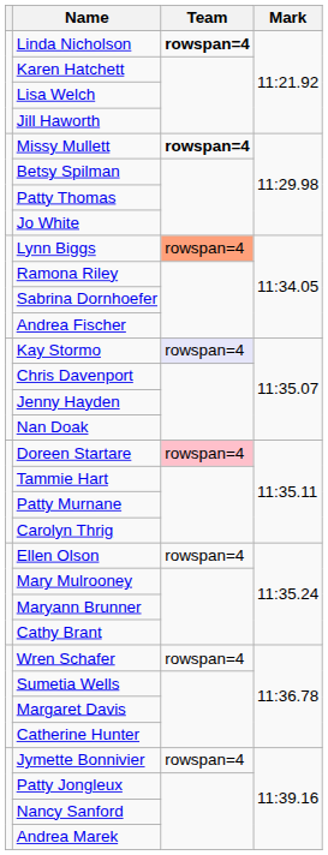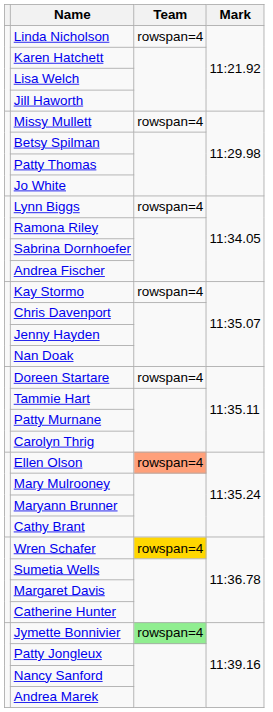 <table class=wikitable>
 <tr>
 <th></th>
 <th>Name</th>
 <th>Team</th>
 <th>Mark</th>
 </tr>
 <tr>
 <td rowspan=4></td>
 <td><a href='#'>Linda Nicholson</a></td>
-<td><strong>rowspan=4 </strong></td>
+<td>rowspan=4 </td>
 <td rowspan=4>11:21.92</td>
 </tr>
 <tr>
 <td><a href='#'>Karen Hatchett</a></td>
 </tr>
 <tr>
 <td><a href='#'>Lisa Welch</a></td>
 </tr>
 <tr>
 <td><a href='#'>Jill Haworth</a></td>
 </tr>
 <tr>
 <td rowspan=4></td>
 <td><a href='#'>Missy Mullett</a></td>
-<td><strong>rowspan=4 </strong></td>
+<td>rowspan=4 </td>
 <td rowspan=4>11:29.98</td>
 </tr>
 <tr>
 <td><a href='#'>Betsy Spilman</a></td>
 </tr>
 <tr>
 <td><a href='#'>Patty Thomas</a></td>
 </tr>
 <tr>
 <td><a href='#'>Jo White</a></td>
 </tr>
 <tr>
 <td rowspan=4></td>
 <td><a href='#'>Lynn Biggs</a></td>
-<td style="background: lightsalmon;">rowspan=4 </td>
+<td>rowspan=4 </td>
 <td rowspan=4>11:34.05</td>
 </tr>
 <tr>
 <td><a href='#'>Ramona Riley</a></td>
 </tr>
 <tr>
 <td><a href='#'>Sabrina Dornhoefer</a></td>
 </tr>
 <tr>
 <td><a href='#'>Andrea Fischer</a></td>
 </tr>
 <tr>
 <td rowspan=4></td>
 <td><a href='#'>Kay Stormo</a></td>
-<td style="background: lavender;">rowspan=4 </td>
+<td>rowspan=4 </td>
 <td rowspan=4>11:35.07</td>
 </tr>
 <tr>
 <td><a href='#'>Chris Davenport</a></td>
 </tr>
 <tr>
 <td><a href='#'>Jenny Hayden</a></td>
 </tr>
 <tr>
 <td><a href='#'>Nan Doak</a></td>
 </tr>
 <tr>
 <td rowspan=4></td>
 <td><a href='#'>Doreen Startare</a></td>
-<td style="background: pink;">rowspan=4 </td>
+<td>rowspan=4 </td>
 <td rowspan=4>11:35.11</td>
 </tr>
 <tr>
 <td><a href='#'>Tammie Hart</a></td>
 </tr>
 <tr>
 <td><a href='#'>Patty Murnane</a></td>
 </tr>
 <tr>
 <td><a href='#'>Carolyn Thrig</a></td>
 </tr>
 <tr>
 <td rowspan=4></td>
 <td><a href='#'>Ellen Olson</a></td>
-<td>rowspan=4 </td>
+<td style="background: lightsalmon;">rowspan=4 </td>
 <td rowspan=4>11:35.24</td>
 </tr>
 <tr>
 <td><a href='#'>Mary Mulrooney</a></td>
 </tr>
 <tr>
 <td><a href='#'>Maryann Brunner</a></td>
 </tr>
 <tr>
 <td><a href='#'>Cathy Brant</a></td>
 </tr>
 <tr>
 <td rowspan=4></td>
 <td><a href='#'>Wren Schafer</a></td>
-<td>rowspan=4 </td>
+<td style="background: gold;">rowspan=4 </td>
 <td rowspan=4>11:36.78</td>
 </tr>
 <tr>
 <td><a href='#'>Sumetia Wells</a></td>
 </tr>
 <tr>
 <td><a href='#'>Margaret Davis</a></td>
 </tr>
 <tr>
 <td><a href='#'>Catherine Hunter</a></td>
 </tr>
 <tr>
 <td rowspan=4></td>
 <td><a href='#'>Jymette Bonnivier</a></td>
-<td>rowspan=4 </td>
+<td style="background: lightgreen;">rowspan=4 </td>
 <td rowspan=4>11:39.16</td>
 </tr>
 <tr>
 <td><a href='#'>Patty Jongleux</a></td>
 </tr>
 <tr>
 <td><a href='#'>Nancy Sanford</a></td>
 </tr>
 <tr>
 <td><a href='#'>Andrea Marek</a></td>
 </tr>
 </table>
